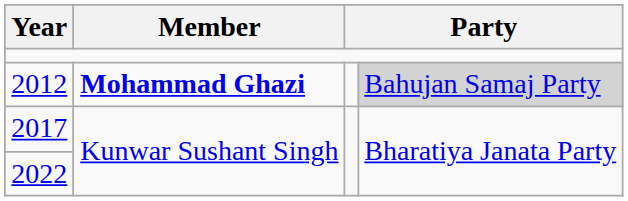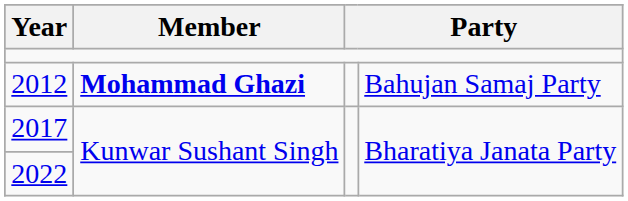 <table class="wikitable">
 <tr>
 <th>Year</th>
 <th>Member</th>
 <th colspan="2">Party</th>
 </tr>
 <tr>
 <td colspan="4"></td>
 </tr>
 <tr>
 <td><a href='#'>2012</a></td>
 <td><strong><a href='#'>Mohammad Ghazi</a></strong></td>
 <td style="background-color: "></td>
-<td style="background: lightgrey;"><a href='#'>Bahujan Samaj Party</a></td>
+<td><a href='#'>Bahujan Samaj Party</a></td>
 </tr>
 <tr>
 <td><a href='#'>2017</a></td>
 <td rowspan="2"><a href='#'>Kunwar Sushant Singh</a></td>
 <td rowspan="2" style="background-color: "></td>
 <td rowspan="2"><a href='#'>Bharatiya Janata Party</a></td>
 </tr>
 <tr>
 <td><a href='#'>2022</a></td>
 </tr>
 </table>
